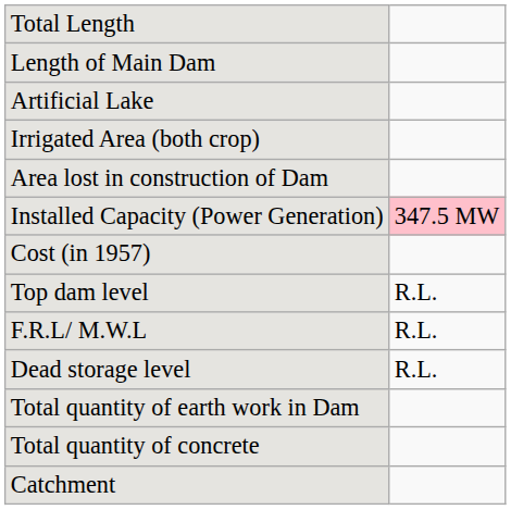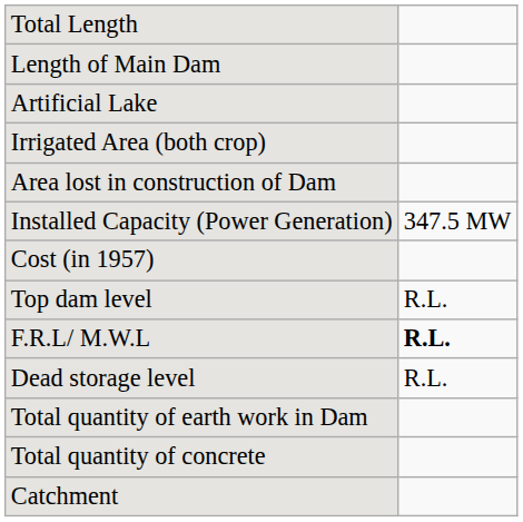 <table class="wikitable sortable">
 <tr>
 <td style="background:#e5e4e0;">Total Length</td>
 <td></td>
 </tr>
 <tr>
 <td style="background:#e5e4e0;">Length of Main Dam</td>
 <td></td>
 </tr>
 <tr>
 <td style="background:#e5e4e0;">Artificial Lake</td>
 <td></td>
 </tr>
 <tr>
 <td style="background:#e5e4e0;">Irrigated Area (both crop)</td>
 <td></td>
 </tr>
 <tr>
 <td style="background:#e5e4e0;">Area lost in construction of Dam</td>
 <td></td>
 </tr>
 <tr>
 <td style="background:#e5e4e0;">Installed Capacity (Power Generation)</td>
-<td style="background: pink;">347.5 MW</td>
+<td>347.5 MW</td>
 </tr>
 <tr>
 <td style="background:#e5e4e0;">Cost (in 1957)</td>
 <td></td>
 </tr>
 <tr>
 <td style="background:#e5e4e0;">Top dam level</td>
 <td>R.L. </td>
 </tr>
 <tr>
 <td style="background:#e5e4e0;">F.R.L/ M.W.L</td>
-<td>R.L. </td>
+<td><strong>R.L. </strong></td>
 </tr>
 <tr>
 <td style="background:#e5e4e0;">Dead storage level</td>
 <td>R.L. </td>
 </tr>
 <tr>
 <td style="background:#e5e4e0;">Total quantity of earth work in Dam</td>
 <td></td>
 </tr>
 <tr>
 <td style="background:#e5e4e0;">Total quantity of concrete</td>
 <td></td>
 </tr>
 <tr>
 <td style="background:#e5e4e0;">Catchment</td>
 <td></td>
 </tr>
 </table>
